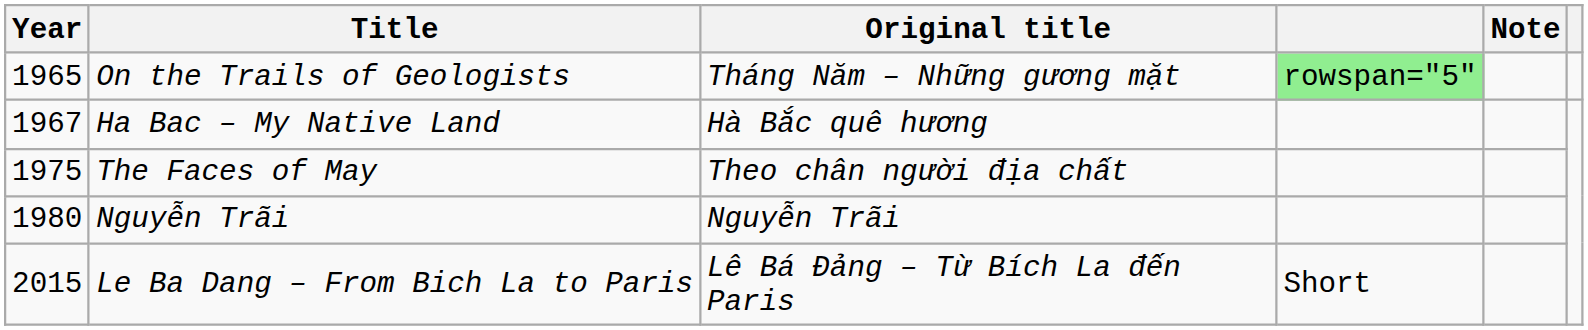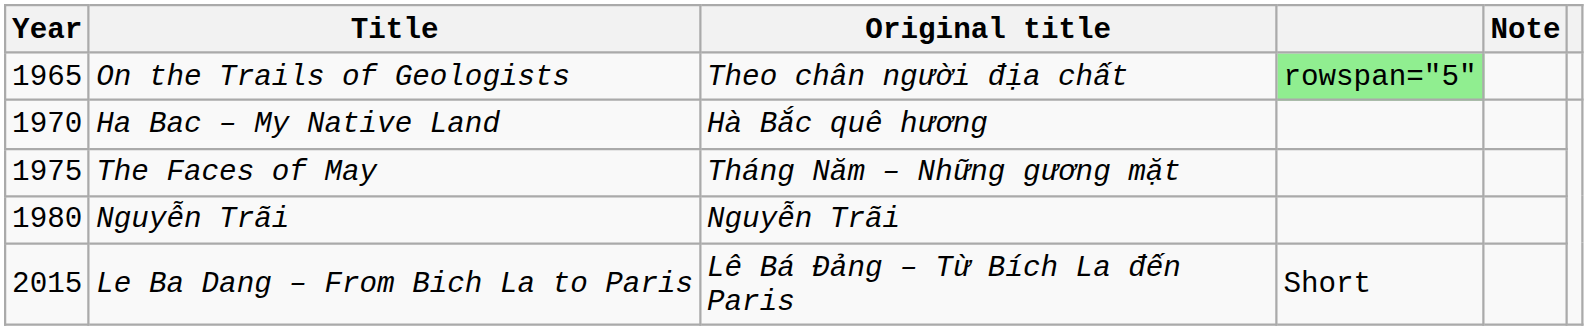 <table class="wikitable">
 <tr>
 <th>Year</th>
 <th>Title</th>
 <th width="250">Original title</th>
 <th></th>
 <th>Note</th>
 <th></th>
 </tr>
 <tr>
 <td>1965</td>
 <td><em>On the Trails of Geologists</em></td>
-<td><em>Tháng Năm – Những gương mặt</em></td>
+<td><em>Theo chân người địa chất</em></td>
 <td style="background: lightgreen;">rowspan="5" </td>
 <td></td>
 <td></td>
 </tr>
 <tr>
-<td>1967</td>
+<td>1970</td>
 <td><em>Ha Bac – My Native Land</em></td>
 <td><em>Hà Bắc quê hương</em></td>
 <td></td>
 <td></td>
 </tr>
 <tr>
 <td>1975</td>
 <td><em>The Faces of May</em></td>
-<td><em>Theo chân người địa chất</em></td>
+<td><em>Tháng Năm – Những gương mặt</em></td>
 <td></td>
 <td></td>
 </tr>
 <tr>
 <td>1980</td>
 <td><em>Nguyễn Trãi</em></td>
 <td><em>Nguyễn Trãi</em></td>
 <td></td>
 <td></td>
 </tr>
 <tr>
 <td>2015</td>
 <td><em>Le Ba Dang – From Bich La to Paris</em></td>
 <td><em>Lê Bá Đảng – Từ Bích La đến Paris</em></td>
 <td>Short</td>
 <td></td>
 </tr>
 </table>
